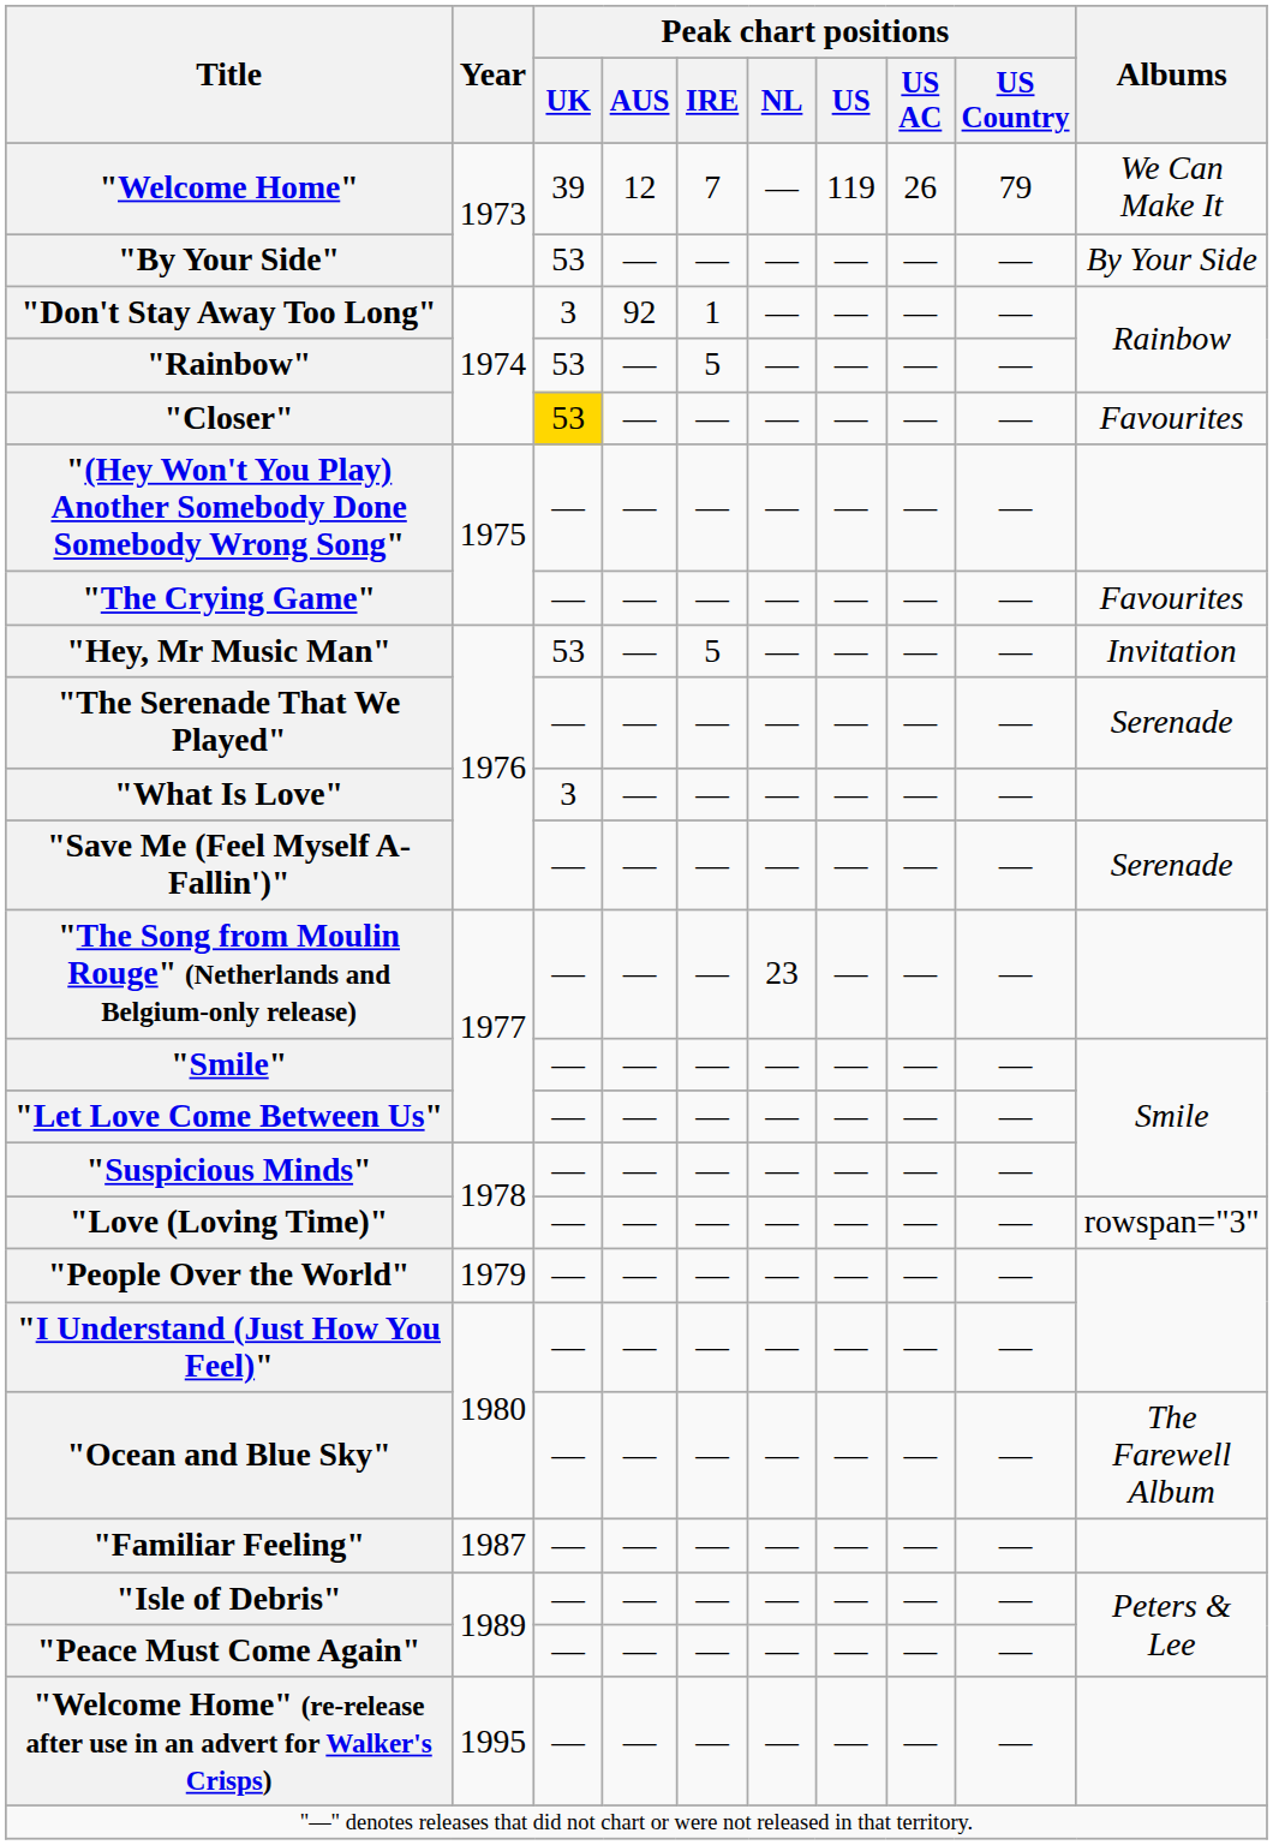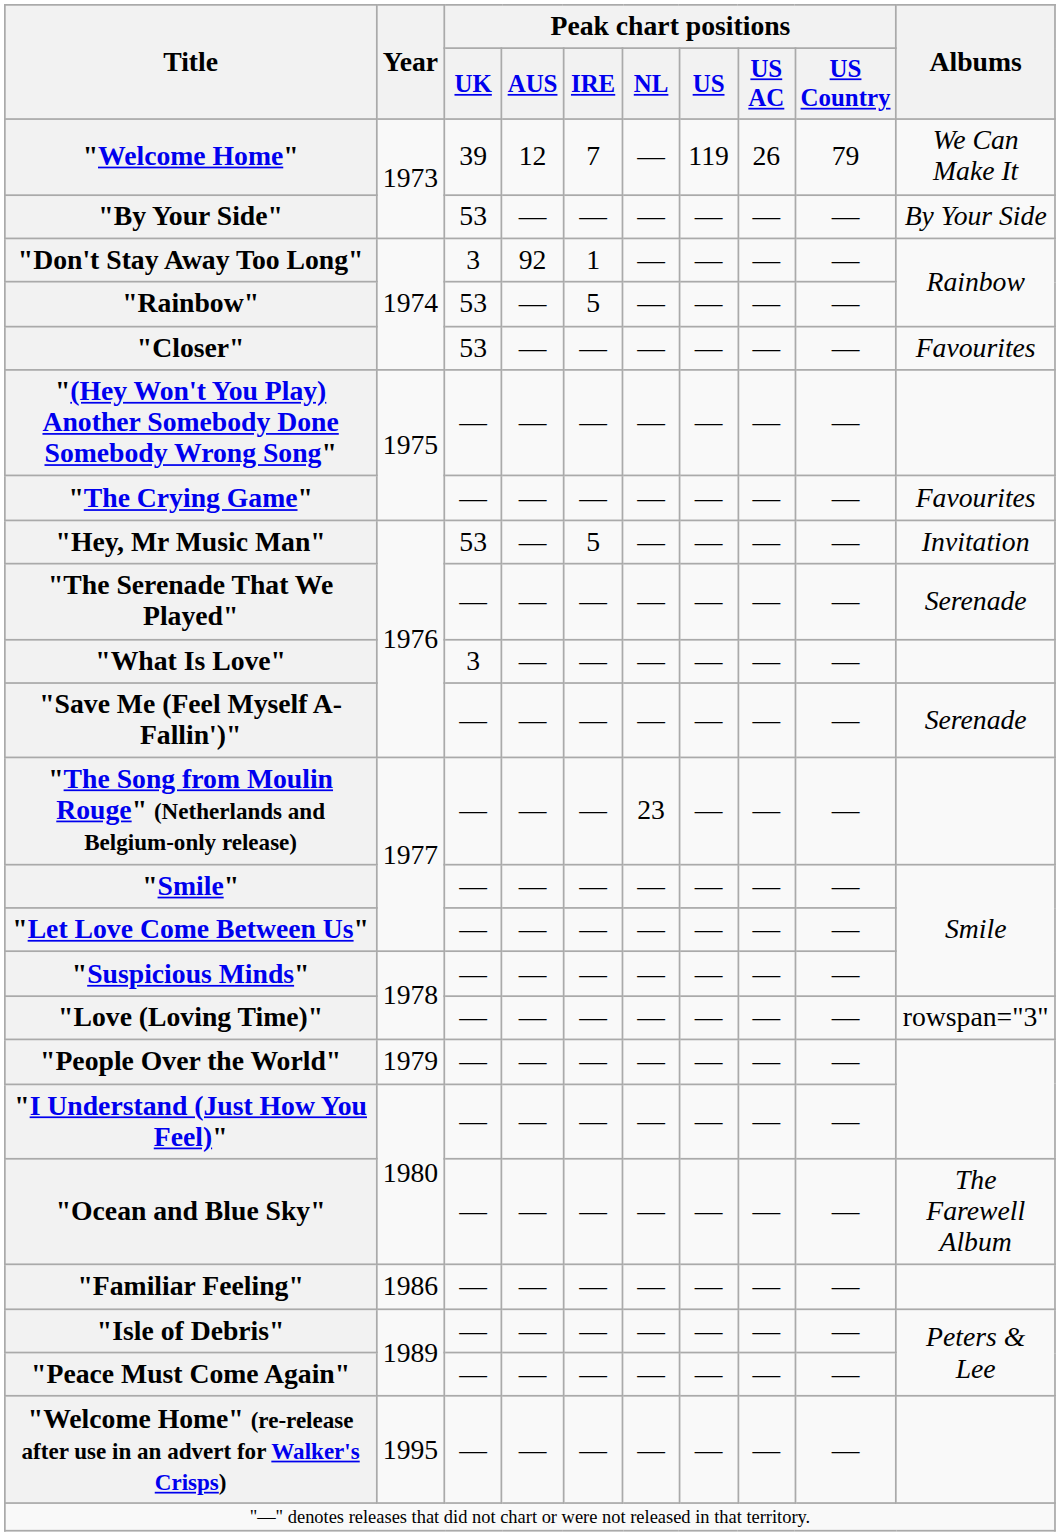 <table class="wikitable plainrowheaders" style="text-align:center;">
 <tr>
 <th rowspan="2" scope="col" style="width:17em;">Title</th>
 <th rowspan="2" scope="col" style="width:2em;">Year</th>
 <th colspan="7">Peak chart positions</th>
 <th rowspan="2">Albums</th>
 </tr>
 <tr>
 <th scope="col" style="width:2em;font-size:90%;"><a href='#'>UK</a><br></th>
 <th scope="col" style="width:2em;font-size:90%;"><a href='#'>AUS</a><br></th>
 <th scope="col" style="width:2em;font-size:90%;"><a href='#'>IRE</a><br></th>
 <th scope="col" style="width:2em;font-size:90%;"><a href='#'>NL</a><br></th>
 <th scope="col" style="width:2em;font-size:90%;"><a href='#'>US</a><br></th>
 <th scope="col" style="width:2em;font-size:90%;"><a href='#'>US AC</a><br></th>
 <th scope="col" style="width:2em;font-size:90%;"><a href='#'>US Country</a><br></th>
 </tr>
 <tr>
 <th scope="row">"<a href='#'>Welcome Home</a>"</th>
 <td rowspan="2">1973</td>
 <td>39</td>
 <td>12</td>
 <td>7</td>
 <td>—</td>
 <td>119</td>
 <td>26</td>
 <td>79</td>
 <td><em>We Can Make It</em></td>
 </tr>
 <tr>
 <th scope="row">"By Your Side"</th>
 <td>53</td>
 <td>—</td>
 <td>—</td>
 <td>—</td>
 <td>—</td>
 <td>—</td>
 <td>—</td>
 <td><em>By Your Side</em></td>
 </tr>
 <tr>
 <th scope="row">"Don't Stay Away Too Long"</th>
 <td rowspan="3">1974</td>
 <td>3</td>
 <td>92</td>
 <td>1</td>
 <td>—</td>
 <td>—</td>
 <td>—</td>
 <td>—</td>
 <td rowspan="2"><em>Rainbow</em></td>
 </tr>
 <tr>
 <th scope="row">"Rainbow"</th>
 <td>53</td>
 <td>—</td>
 <td>5</td>
 <td>—</td>
 <td>—</td>
 <td>—</td>
 <td>—</td>
 </tr>
 <tr>
 <th scope="row">"Closer"</th>
-<td style="background: gold;">53</td>
+<td>53</td>
 <td>—</td>
 <td>—</td>
 <td>—</td>
 <td>—</td>
 <td>—</td>
 <td>—</td>
 <td><em>Favourites</em></td>
 </tr>
 <tr>
 <th scope="row">"<a href='#'>(Hey Won't You Play) Another Somebody Done Somebody Wrong Song</a>"</th>
 <td rowspan="2">1975</td>
 <td>—</td>
 <td>—</td>
 <td>—</td>
 <td>—</td>
 <td>—</td>
 <td>—</td>
 <td>—</td>
 <td></td>
 </tr>
 <tr>
 <th scope="row">"<a href='#'>The Crying Game</a>"</th>
 <td>—</td>
 <td>—</td>
 <td>—</td>
 <td>—</td>
 <td>—</td>
 <td>—</td>
 <td>—</td>
 <td><em>Favourites</em></td>
 </tr>
 <tr>
 <th scope="row">"Hey, Mr Music Man"</th>
 <td rowspan="4">1976</td>
 <td>53</td>
 <td>—</td>
 <td>5</td>
 <td>—</td>
 <td>—</td>
 <td>—</td>
 <td>—</td>
 <td><em>Invitation</em></td>
 </tr>
 <tr>
 <th scope="row">"The Serenade That We Played"</th>
 <td>—</td>
 <td>—</td>
 <td>—</td>
 <td>—</td>
 <td>—</td>
 <td>—</td>
 <td>—</td>
 <td><em>Serenade</em></td>
 </tr>
 <tr>
 <th scope="row">"What Is Love"</th>
 <td>3</td>
 <td>—</td>
 <td>—</td>
 <td>—</td>
 <td>—</td>
 <td>—</td>
 <td>—</td>
 <td></td>
 </tr>
 <tr>
 <th scope="row">"Save Me (Feel Myself A-Fallin')"</th>
 <td>—</td>
 <td>—</td>
 <td>—</td>
 <td>—</td>
 <td>—</td>
 <td>—</td>
 <td>—</td>
 <td><em>Serenade</em></td>
 </tr>
 <tr>
 <th scope="row">"<a href='#'>The Song from Moulin Rouge</a>" <small>(Netherlands and Belgium-only release)</small></th>
 <td rowspan="3">1977</td>
 <td>—</td>
 <td>—</td>
 <td>—</td>
 <td>23</td>
 <td>—</td>
 <td>—</td>
 <td>—</td>
 <td></td>
 </tr>
 <tr>
 <th scope="row">"<a href='#'>Smile</a>"</th>
 <td>—</td>
 <td>—</td>
 <td>—</td>
 <td>—</td>
 <td>—</td>
 <td>—</td>
 <td>—</td>
 <td rowspan="3"><em>Smile</em></td>
 </tr>
 <tr>
 <th scope="row">"<a href='#'>Let Love Come Between Us</a>"</th>
 <td>—</td>
 <td>—</td>
 <td>—</td>
 <td>—</td>
 <td>—</td>
 <td>—</td>
 <td>—</td>
 </tr>
 <tr>
 <th scope="row">"<a href='#'>Suspicious Minds</a>"</th>
 <td rowspan="2">1978</td>
 <td>—</td>
 <td>—</td>
 <td>—</td>
 <td>—</td>
 <td>—</td>
 <td>—</td>
 <td>—</td>
 </tr>
 <tr>
 <th scope="row">"Love (Loving Time)"</th>
 <td>—</td>
 <td>—</td>
 <td>—</td>
 <td>—</td>
 <td>—</td>
 <td>—</td>
 <td>—</td>
 <td>rowspan="3" </td>
 </tr>
 <tr>
 <th scope="row">"People Over the World"</th>
 <td>1979</td>
 <td>—</td>
 <td>—</td>
 <td>—</td>
 <td>—</td>
 <td>—</td>
 <td>—</td>
 <td>—</td>
 </tr>
 <tr>
 <th scope="row">"<a href='#'>I Understand (Just How You Feel)</a>"</th>
 <td rowspan="2">1980</td>
 <td>—</td>
 <td>—</td>
 <td>—</td>
 <td>—</td>
 <td>—</td>
 <td>—</td>
 <td>—</td>
 </tr>
 <tr>
 <th scope="row">"Ocean and Blue Sky"</th>
 <td>—</td>
 <td>—</td>
 <td>—</td>
 <td>—</td>
 <td>—</td>
 <td>—</td>
 <td>—</td>
 <td><em>The Farewell Album</em></td>
 </tr>
 <tr>
 <th scope="row">"Familiar Feeling"</th>
-<td>1987</td>
+<td>1986</td>
 <td>—</td>
 <td>—</td>
 <td>—</td>
 <td>—</td>
 <td>—</td>
 <td>—</td>
 <td>—</td>
 <td></td>
 </tr>
 <tr>
 <th scope="row">"Isle of Debris"</th>
 <td rowspan="2">1989</td>
 <td>—</td>
 <td>—</td>
 <td>—</td>
 <td>—</td>
 <td>—</td>
 <td>—</td>
 <td>—</td>
 <td rowspan="2"><em>Peters & Lee</em></td>
 </tr>
 <tr>
 <th scope="row">"Peace Must Come Again"</th>
 <td>—</td>
 <td>—</td>
 <td>—</td>
 <td>—</td>
 <td>—</td>
 <td>—</td>
 <td>—</td>
 </tr>
 <tr>
 <th scope="row">"Welcome Home" <small>(re-release after use in an advert for <a href='#'>Walker's Crisps</a>)</small></th>
 <td>1995</td>
 <td>—</td>
 <td>—</td>
 <td>—</td>
 <td>—</td>
 <td>—</td>
 <td>—</td>
 <td>—</td>
 <td></td>
 </tr>
 <tr>
 <td colspan="10" style="font-size:8pt">"—" denotes releases that did not chart or were not released in that territory.</td>
 </tr>
 </table>
